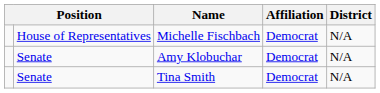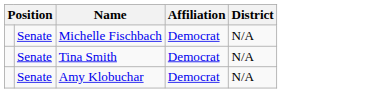 <table class="wikitable">
 <tr>
 <th colspan="2">Position</th>
 <th>Name</th>
 <th>Affiliation</th>
 <th>District</th>
 </tr>
 <tr>
 <td style="background-color:"> </td>
-<td><a href='#'>House of Representatives</a></td>
+<td><a href='#'>Senate</a></td>
 <td><a href='#'>Michelle Fischbach</a></td>
+<td><a href='#'>Democrat</a></td>
+<td>N/A</td>
+</tr>
+<tr>
+<td style="background-color:"> </td>
+<td><a href='#'>Senate</a></td>
+<td><a href='#'>Tina Smith</a></td>
 <td><a href='#'>Democrat</a></td>
 <td>N/A</td>
 </tr>
 <tr>
 <td style="background-color:"> </td>
 <td><a href='#'>Senate</a></td>
 <td><a href='#'>Amy Klobuchar</a></td>
 <td><a href='#'>Democrat</a></td>
 <td>N/A</td>
 </tr>
-<tr>
-<td style="background-color:"> </td>
-<td><a href='#'>Senate</a></td>
-<td><a href='#'>Tina Smith</a></td>
-<td><a href='#'>Democrat</a></td>
-<td>N/A</td>
-</tr>
 </table>
